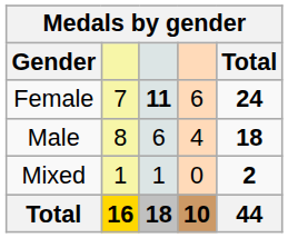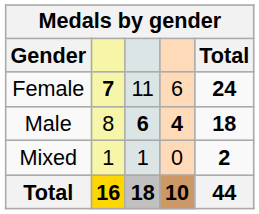 <table class=wikitable style=font-size:85%;float:right;text-align:center>
 <tr>
 <th colspan=5>Medals by gender</th>
 </tr>
 <tr>
 <th>Gender</th>
 <td bgcolor=F7F6A8></td>
 <td bgcolor=DCE5E5></td>
 <td bgcolor=FFDAB9></td>
 <th>Total</th>
 </tr>
 <tr>
 <td>Female</td>
-<td bgcolor=F7F6A8>7</td>
-<td bgcolor=DCE5E5><strong>11</strong></td>
+<td bgcolor=F7F6A8><strong>7</strong></td>
+<td bgcolor=DCE5E5>11</td>
 <td bgcolor=FFDAB9>6</td>
 <td><strong>24</strong></td>
 </tr>
 <tr>
 <td>Male</td>
 <td bgcolor=F7F6A8>8</td>
-<td bgcolor=DCE5E5>6</td>
-<td bgcolor=FFDAB9>4</td>
+<td bgcolor=DCE5E5><strong>6</strong></td>
+<td bgcolor=FFDAB9><strong>4</strong></td>
 <td><strong>18</strong></td>
 </tr>
 <tr>
 <td>Mixed</td>
 <td bgcolor=F7F6A8>1</td>
 <td bgcolor=DCE5E5>1</td>
 <td bgcolor=FFDAB9>0</td>
 <td><strong>2</strong></td>
 </tr>
 <tr>
 <th>Total</th>
 <th style=background:gold>16</th>
 <th style=background:silver>18</th>
 <th style=background:#c96>10</th>
 <th>44</th>
 </tr>
 </table>
